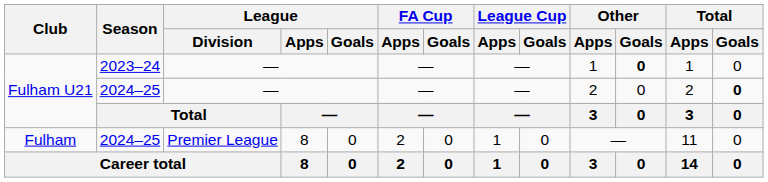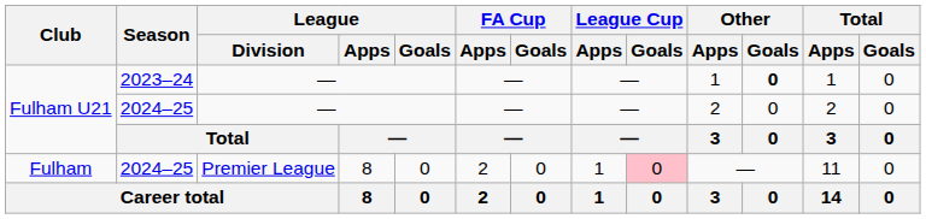 <table class="wikitable" style="text-align:center">
 <tr>
 <th rowspan="2">Club</th>
 <th rowspan="2">Season</th>
 <th colspan="3">League</th>
 <th colspan="2"><a href='#'>FA Cup</a></th>
 <th colspan="2"><a href='#'>League Cup</a></th>
 <th colspan="2">Other</th>
 <th colspan="2">Total</th>
 </tr>
 <tr>
 <th>Division</th>
 <th>Apps</th>
 <th>Goals</th>
 <th>Apps</th>
 <th>Goals</th>
 <th>Apps</th>
 <th>Goals</th>
 <th>Apps</th>
 <th>Goals</th>
 <th>Apps</th>
 <th>Goals</th>
 </tr>
 <tr>
 <td rowspan="3"><a href='#'>Fulham U21</a></td>
 <td><a href='#'>2023–24</a></td>
 <td colspan="3">—</td>
 <td colspan="2">—</td>
 <td colspan="2">—</td>
 <td>1</td>
 <td><strong>0</strong></td>
 <td>1</td>
 <td>0</td>
 </tr>
 <tr>
 <td><a href='#'>2024–25</a></td>
 <td colspan="3">—</td>
 <td colspan="2">—</td>
 <td colspan="2">—</td>
 <td>2</td>
 <td>0</td>
 <td>2</td>
-<td><strong>0</strong></td>
+<td>0</td>
 </tr>
 <tr>
 <th colspan="2">Total</th>
 <th colspan="2">—</th>
 <th colspan="2">—</th>
 <th colspan="2">—</th>
 <th>3</th>
 <th>0</th>
 <th>3</th>
 <th>0</th>
 </tr>
 <tr>
 <td><a href='#'>Fulham</a></td>
 <td><a href='#'>2024–25</a></td>
 <td><a href='#'>Premier League</a></td>
 <td>8</td>
 <td>0</td>
 <td>2</td>
 <td>0</td>
 <td>1</td>
-<td>0</td>
+<td style="background: pink;">0</td>
 <td colspan="2">—</td>
 <td>11</td>
 <td>0</td>
 </tr>
 <tr>
 <th colspan="3">Career total</th>
 <th>8</th>
 <th>0</th>
 <th>2</th>
 <th>0</th>
 <th>1</th>
 <th>0</th>
 <th>3</th>
 <th>0</th>
 <th>14</th>
 <th>0</th>
 </tr>
 </table>
